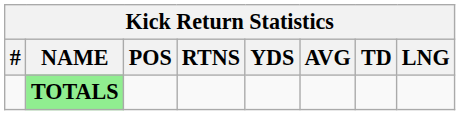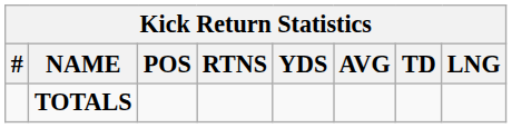 <table class="wikitable sortable collapsible collapsed">
 <tr>
 <th colspan="8">Kick Return Statistics</th>
 </tr>
 <tr>
 <th>#</th>
 <th>NAME</th>
 <th>POS</th>
 <th>RTNS</th>
 <th>YDS</th>
 <th>AVG</th>
 <th>TD</th>
 <th>LNG</th>
 </tr>
 <tr>
 <td></td>
-<td style="background: lightgreen;"><strong>TOTALS</strong></td>
+<td><strong>TOTALS</strong></td>
 <td></td>
 <td></td>
 <td></td>
 <td></td>
 <td></td>
 <td></td>
 </tr>
 </table>
